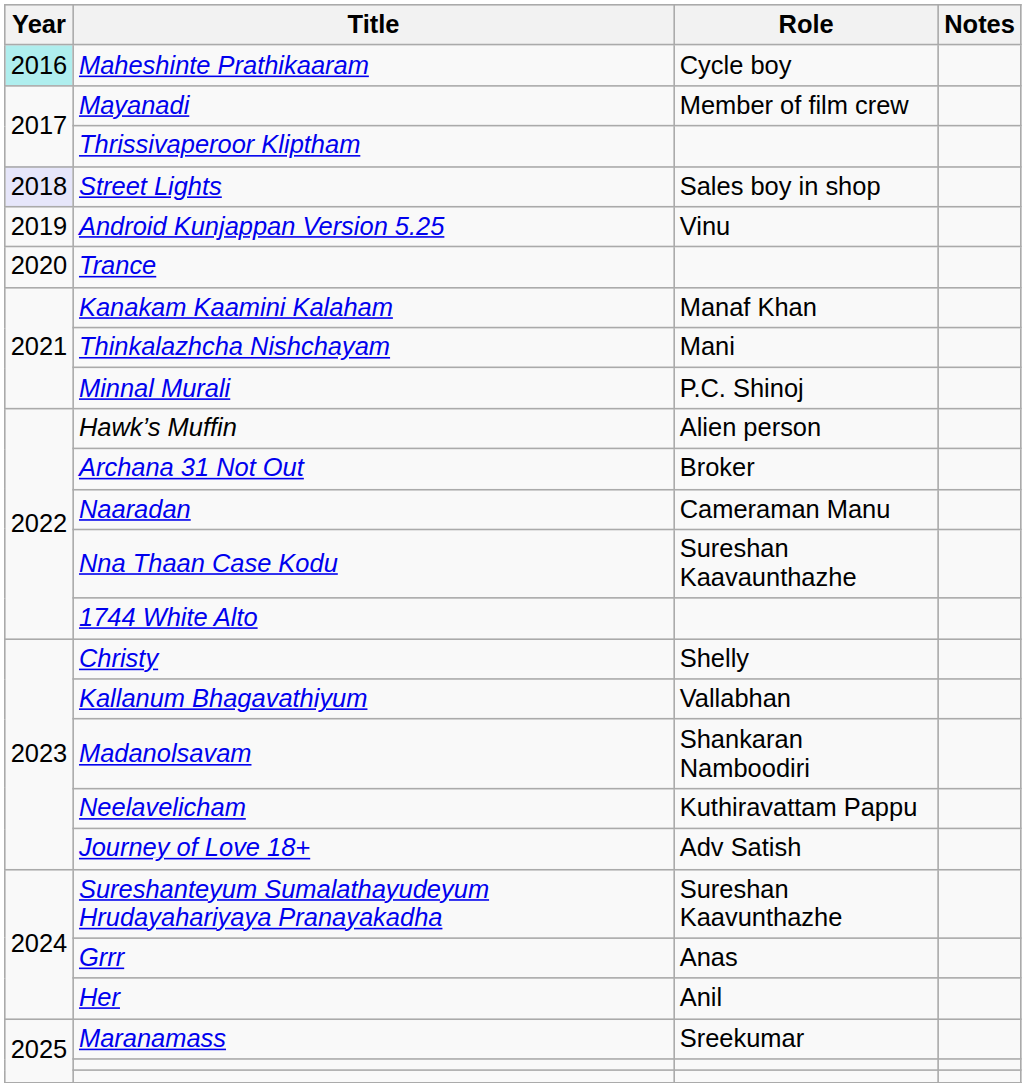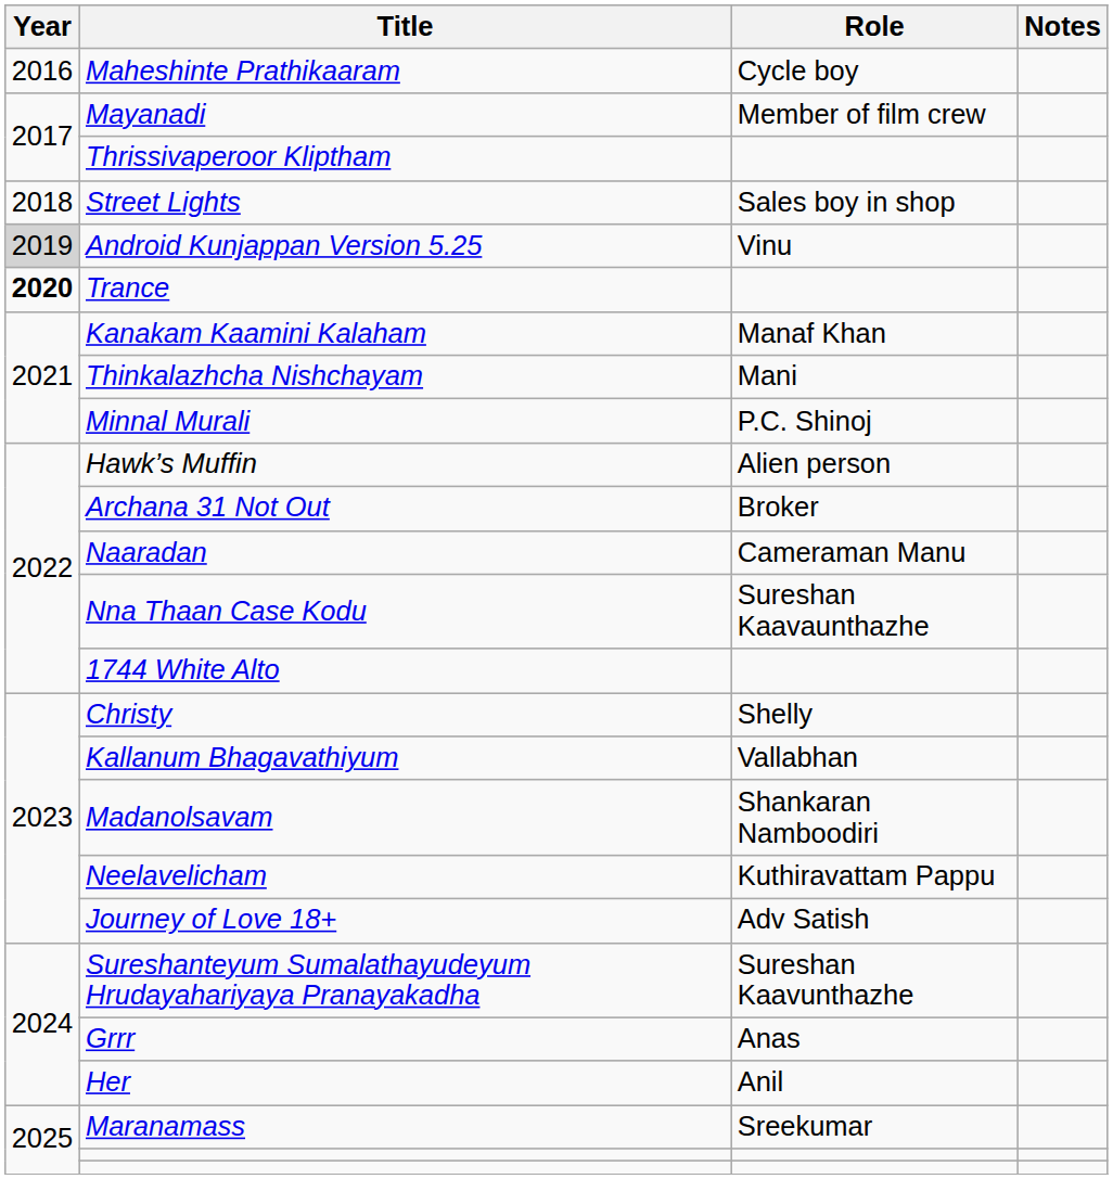 <table class="wikitable sortable" style="max-width:40em;">
 <tr>
 <th>Year</th>
 <th>Title</th>
 <th>Role</th>
 <th class="unsortable">Notes</th>
 </tr>
 <tr>
-<td style="background: paleturquoise;">2016</td>
+<td>2016</td>
 <td><em><a href='#'>Maheshinte Prathikaaram</a></em></td>
 <td>Cycle boy</td>
 <td></td>
 </tr>
 <tr>
 <td rowspan=2>2017</td>
 <td><em><a href='#'>Mayanadi</a></em></td>
 <td>Member of film crew</td>
 <td></td>
 </tr>
 <tr>
 <td><em><a href='#'>Thrissivaperoor Kliptham</a></em></td>
 <td></td>
 <td></td>
 </tr>
 <tr>
-<td style="background: lavender;">2018</td>
+<td>2018</td>
 <td><em><a href='#'>Street Lights</a></em></td>
 <td>Sales boy in shop</td>
 <td></td>
 </tr>
 <tr>
-<td>2019</td>
+<td style="background: lightgrey;">2019</td>
 <td><em><a href='#'>Android Kunjappan Version 5.25</a></em></td>
 <td>Vinu</td>
 <td></td>
 </tr>
 <tr>
-<td>2020</td>
+<td><strong>2020</strong></td>
 <td><em><a href='#'>Trance</a></em></td>
 <td></td>
 <td></td>
 </tr>
 <tr>
 <td rowspan=3>2021</td>
 <td><em><a href='#'>Kanakam Kaamini Kalaham</a></em></td>
 <td>Manaf Khan</td>
 <td></td>
 </tr>
 <tr>
 <td><em><a href='#'>Thinkalazhcha Nishchayam</a></em></td>
 <td>Mani</td>
 <td></td>
 </tr>
 <tr>
 <td><em><a href='#'>Minnal Murali</a></em></td>
 <td>P.C. Shinoj</td>
 <td></td>
 </tr>
 <tr>
 <td rowspan=5>2022</td>
 <td><em>Hawk’s Muffin</em></td>
 <td>Alien person</td>
 <td></td>
 </tr>
 <tr>
 <td><em><a href='#'>Archana 31 Not Out</a></em></td>
 <td>Broker</td>
 <td></td>
 </tr>
 <tr>
 <td><em><a href='#'>Naaradan</a></em></td>
 <td>Cameraman Manu</td>
 <td></td>
 </tr>
 <tr>
 <td><em><a href='#'>Nna Thaan Case Kodu</a></em></td>
 <td>Sureshan Kaavaunthazhe</td>
 <td></td>
 </tr>
 <tr>
 <td><em><a href='#'>1744 White Alto</a></em></td>
 <td></td>
 <td></td>
 </tr>
 <tr>
 <td rowspan=5>2023</td>
 <td><em><a href='#'>Christy</a></em></td>
 <td>Shelly</td>
 <td></td>
 </tr>
 <tr>
 <td><em><a href='#'>Kallanum Bhagavathiyum</a></em></td>
 <td>Vallabhan</td>
 <td></td>
 </tr>
 <tr>
 <td><em><a href='#'>Madanolsavam</a></em></td>
 <td>Shankaran Namboodiri</td>
 <td></td>
 </tr>
 <tr>
 <td><em><a href='#'>Neelavelicham</a></em></td>
 <td>Kuthiravattam Pappu</td>
 <td></td>
 </tr>
 <tr>
 <td><em><a href='#'>Journey of Love 18+</a></em></td>
 <td>Adv Satish</td>
 <td></td>
 </tr>
 <tr>
 <td rowspan=3>2024</td>
 <td><em><a href='#'>Sureshanteyum Sumalathayudeyum Hrudayahariyaya Pranayakadha</a></em></td>
 <td>Sureshan Kaavunthazhe</td>
 <td></td>
 </tr>
 <tr>
 <td><em><a href='#'>Grrr</a></em></td>
 <td>Anas</td>
 <td></td>
 </tr>
 <tr>
 <td><em><a href='#'>Her</a></em></td>
 <td>Anil</td>
 <td></td>
 </tr>
 <tr>
 <td rowspan=3>2025</td>
 <td><em><a href='#'>Maranamass</a></em></td>
 <td>Sreekumar</td>
 <td></td>
 </tr>
 <tr>
 <td></td>
 <td></td>
 <td></td>
 </tr>
 <tr>
 <td></td>
 <td></td>
 <td></td>
 </tr>
 <tr>
 </tr>
 </table>
